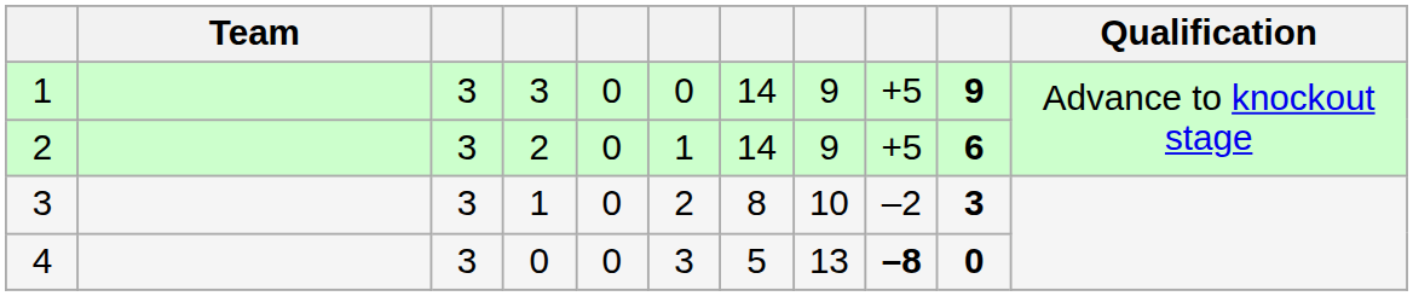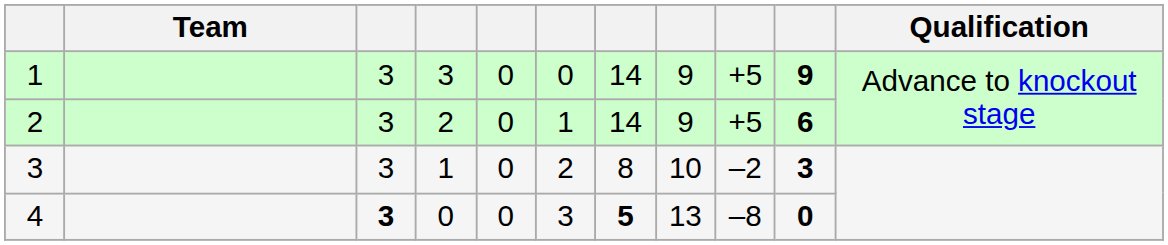 <table class="wikitable" style="text-align: center;">
 <tr>
 <th width="25"></th>
 <th width="150">Team</th>
 <th width="25"></th>
 <th width="25"></th>
 <th width="25"></th>
 <th width="25"></th>
 <th width="25"></th>
 <th width="25"></th>
 <th width="25"></th>
 <th width="25"></th>
 <th width="170">Qualification</th>
 </tr>
 <tr align=center style="background:#ccffcc;">
 <td>1</td>
 <td style="text-align:left;"></td>
 <td>3</td>
 <td>3</td>
 <td>0</td>
 <td>0</td>
 <td>14</td>
 <td>9</td>
 <td>+5</td>
 <td><strong>9</strong></td>
 <td rowspan="2">Advance to <a href='#'>knockout stage</a></td>
 </tr>
 <tr align=center style="background:#ccffcc;">
 <td>2</td>
 <td style="text-align:left;"></td>
 <td>3</td>
 <td>2</td>
 <td>0</td>
 <td>1</td>
 <td>14</td>
 <td>9</td>
 <td>+5</td>
 <td><strong>6</strong></td>
 </tr>
 <tr align=center style="background:#f5f5f5;">
 <td>3</td>
 <td style="text-align:left;"></td>
 <td>3</td>
 <td>1</td>
 <td>0</td>
 <td>2</td>
 <td>8</td>
 <td>10</td>
 <td>–2</td>
 <td><strong>3</strong></td>
 <td rowspan="2"></td>
 </tr>
 <tr align=center style="background:#f5f5f5;">
 <td>4</td>
 <td style="text-align:left;"></td>
-<td>3</td>
+<td><strong>3</strong></td>
 <td>0</td>
 <td>0</td>
 <td>3</td>
-<td>5</td>
+<td><strong>5</strong></td>
 <td>13</td>
-<td><strong>–8</strong></td>
+<td>–8</td>
 <td><strong>0</strong></td>
 </tr>
 </table>
